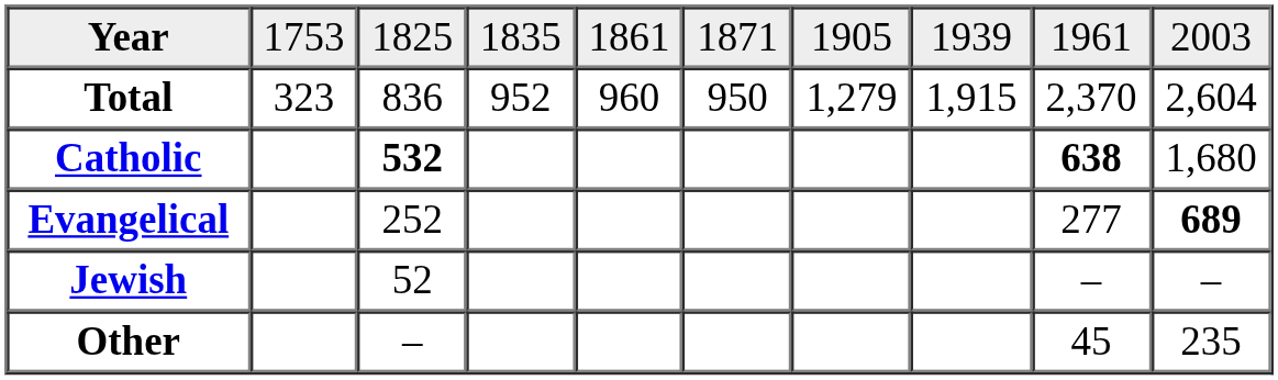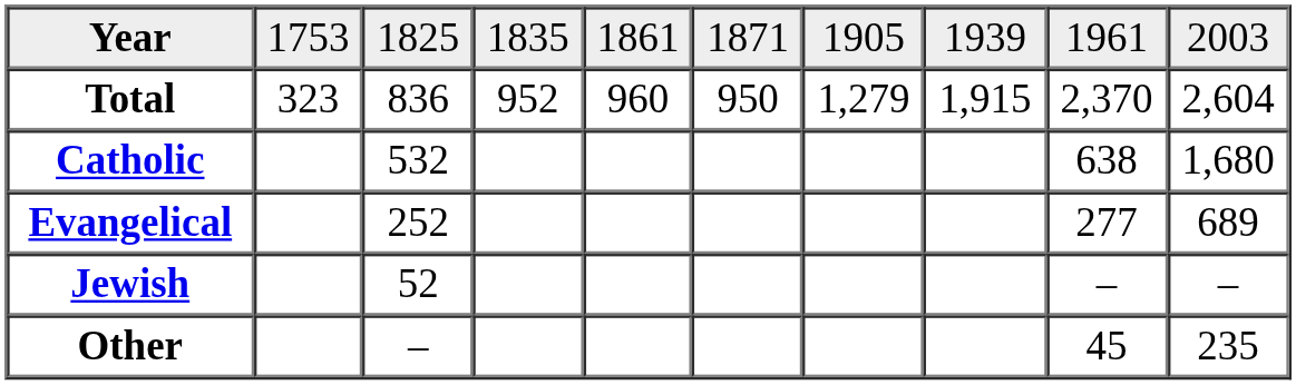 <table border="1" cellpadding="2" cellspacing="0" width="500">
 <tr bgcolor="#eeeeee" align="center">
 <td><strong>Year</strong></td>
 <td>1753</td>
 <td>1825</td>
 <td>1835</td>
 <td>1861</td>
 <td>1871</td>
 <td>1905</td>
 <td>1939</td>
 <td>1961</td>
 <td>2003</td>
 </tr>
 <tr align="center">
 <td><strong>Total</strong></td>
 <td>323</td>
 <td>836</td>
 <td>952</td>
 <td>960</td>
 <td>950</td>
 <td>1,279</td>
 <td>1,915</td>
 <td>2,370</td>
 <td>2,604</td>
 </tr>
 <tr align="center">
 <td><strong><a href='#'>Catholic</a></strong></td>
 <td> </td>
-<td><strong>532</strong></td>
+<td>532</td>
 <td> </td>
 <td> </td>
 <td> </td>
 <td> </td>
 <td> </td>
-<td><strong>638</strong></td>
+<td>638</td>
 <td>1,680</td>
 </tr>
 <tr align="center">
 <td><strong><a href='#'>Evangelical</a></strong></td>
 <td> </td>
 <td>252</td>
 <td> </td>
 <td> </td>
 <td> </td>
 <td> </td>
 <td> </td>
 <td>277</td>
-<td><strong>689</strong></td>
+<td>689</td>
 </tr>
 <tr align="center">
 <td><strong><a href='#'>Jewish</a></strong></td>
 <td> </td>
 <td>52</td>
 <td> </td>
 <td> </td>
 <td> </td>
 <td> </td>
 <td> </td>
 <td>–</td>
 <td>–</td>
 </tr>
 <tr align="center">
 <td><strong>Other</strong></td>
 <td> </td>
 <td>–</td>
 <td> </td>
 <td> </td>
 <td> </td>
 <td> </td>
 <td> </td>
 <td>45</td>
 <td>235</td>
 </tr>
 </table>
